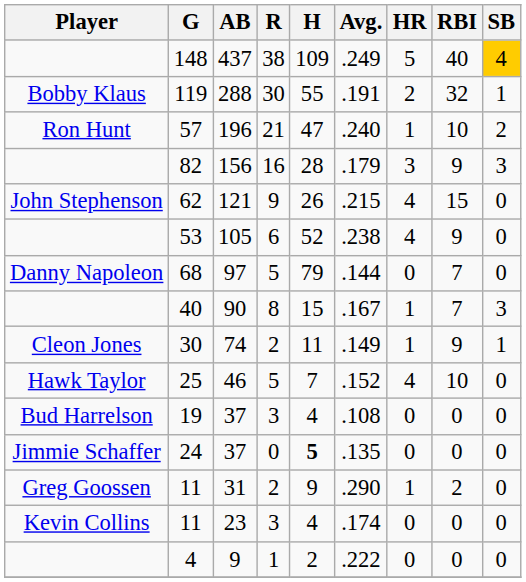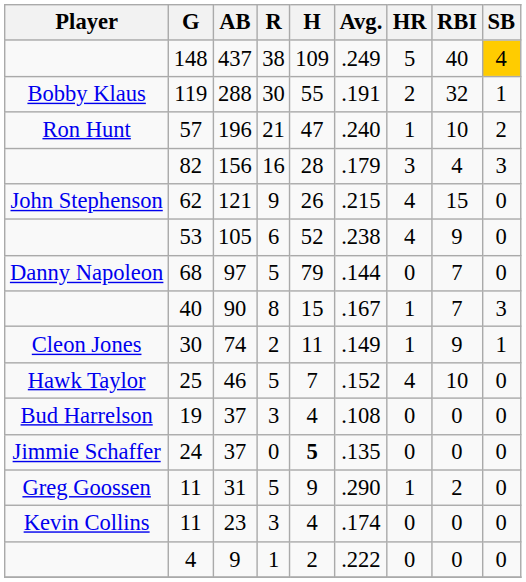 <table class="wikitable sortable">
 <tr>
 <th>Player</th>
 <th>G</th>
 <th>AB</th>
 <th>R</th>
 <th>H</th>
 <th>Avg.</th>
 <th>HR</th>
 <th>RBI</th>
 <th>SB</th>
 </tr>
 <tr align="center">
 <td></td>
 <td>148</td>
 <td>437</td>
 <td>38</td>
 <td>109</td>
 <td>.249</td>
 <td>5</td>
 <td>40</td>
 <td bgcolor="#FFCC00">4</td>
 </tr>
 <tr align="center">
 <td><a href='#'>Bobby Klaus</a></td>
 <td>119</td>
 <td>288</td>
 <td>30</td>
 <td>55</td>
 <td>.191</td>
 <td>2</td>
 <td>32</td>
 <td>1</td>
 </tr>
 <tr align="center">
 <td><a href='#'>Ron Hunt</a></td>
 <td>57</td>
 <td>196</td>
 <td>21</td>
 <td>47</td>
 <td>.240</td>
 <td>1</td>
 <td>10</td>
 <td>2</td>
 </tr>
 <tr align="center">
 <td></td>
 <td>82</td>
 <td>156</td>
 <td>16</td>
 <td>28</td>
 <td>.179</td>
 <td>3</td>
-<td>9</td>
+<td>4</td>
 <td>3</td>
 </tr>
 <tr align="center">
 <td><a href='#'>John Stephenson</a></td>
 <td>62</td>
 <td>121</td>
 <td>9</td>
 <td>26</td>
 <td>.215</td>
 <td>4</td>
 <td>15</td>
 <td>0</td>
 </tr>
 <tr align="center">
 <td></td>
 <td>53</td>
 <td>105</td>
 <td>6</td>
 <td>52</td>
 <td>.238</td>
 <td>4</td>
 <td>9</td>
 <td>0</td>
 </tr>
 <tr align="center">
 <td><a href='#'>Danny Napoleon</a></td>
 <td>68</td>
 <td>97</td>
 <td>5</td>
 <td>79</td>
 <td>.144</td>
 <td>0</td>
 <td>7</td>
 <td>0</td>
 </tr>
 <tr align="center">
 <td></td>
 <td>40</td>
 <td>90</td>
 <td>8</td>
 <td>15</td>
 <td>.167</td>
 <td>1</td>
 <td>7</td>
 <td>3</td>
 </tr>
 <tr align="center">
 <td><a href='#'>Cleon Jones</a></td>
 <td>30</td>
 <td>74</td>
 <td>2</td>
 <td>11</td>
 <td>.149</td>
 <td>1</td>
 <td>9</td>
 <td>1</td>
 </tr>
 <tr align="center">
 <td><a href='#'>Hawk Taylor</a></td>
 <td>25</td>
 <td>46</td>
 <td>5</td>
 <td>7</td>
 <td>.152</td>
 <td>4</td>
 <td>10</td>
 <td>0</td>
 </tr>
 <tr align="center">
 <td><a href='#'>Bud Harrelson</a></td>
 <td>19</td>
 <td>37</td>
 <td>3</td>
 <td>4</td>
 <td>.108</td>
 <td>0</td>
 <td>0</td>
 <td>0</td>
 </tr>
 <tr align="center">
 <td><a href='#'>Jimmie Schaffer</a></td>
 <td>24</td>
 <td>37</td>
 <td>0</td>
 <td><strong>5</strong></td>
 <td>.135</td>
 <td>0</td>
 <td>0</td>
 <td>0</td>
 </tr>
 <tr align="center">
 <td><a href='#'>Greg Goossen</a></td>
 <td>11</td>
 <td>31</td>
-<td>2</td>
+<td>5</td>
 <td>9</td>
 <td>.290</td>
 <td>1</td>
 <td>2</td>
 <td>0</td>
 </tr>
 <tr align="center">
 <td><a href='#'>Kevin Collins</a></td>
 <td>11</td>
 <td>23</td>
 <td>3</td>
 <td>4</td>
 <td>.174</td>
 <td>0</td>
 <td>0</td>
 <td>0</td>
 </tr>
 <tr align="center">
 <td></td>
 <td>4</td>
 <td>9</td>
 <td>1</td>
 <td>2</td>
 <td>.222</td>
 <td>0</td>
 <td>0</td>
 <td>0</td>
 </tr>
 <tr align="center">
 </tr>
 </table>
